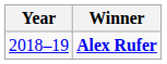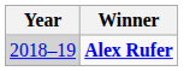 <table class="wikitable" border="1">
 <tr>
 <th>Year</th>
 <th>Winner</th>
 </tr>
 <tr>
-<td><a href='#'>2018–19</a></td>
+<td style="background: lightgrey;"><a href='#'>2018–19</a></td>
 <td style="text-align:left;"><strong><a href='#'>Alex Rufer</a></strong></td>
 </tr>
 <tr>
 </tr>
 </table>
